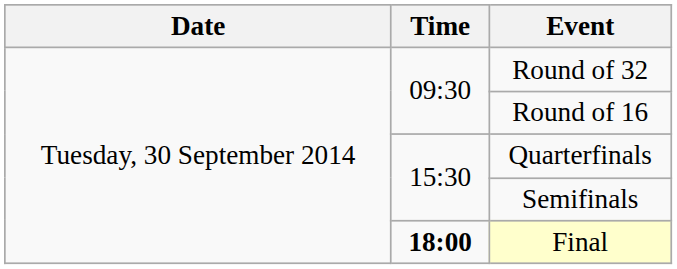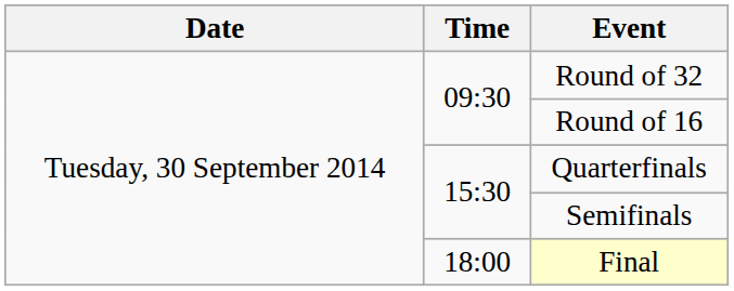 <table class = "wikitable" style="text-align:center;">
 <tr>
 <th width=220>Date</th>
 <th width=50>Time</th>
 <th width=100>Event</th>
 </tr>
 <tr>
 <td rowspan=5>Tuesday, 30 September 2014</td>
 <td rowspan=2>09:30</td>
 <td>Round of 32</td>
 </tr>
 <tr>
 <td>Round of 16</td>
 </tr>
 <tr>
 <td rowspan=2>15:30</td>
 <td>Quarterfinals</td>
 </tr>
 <tr>
 <td>Semifinals</td>
 </tr>
 <tr>
-<td><strong>18:00</strong></td>
+<td>18:00</td>
 <td bgcolor=ffffcc>Final</td>
 </tr>
 </table>
